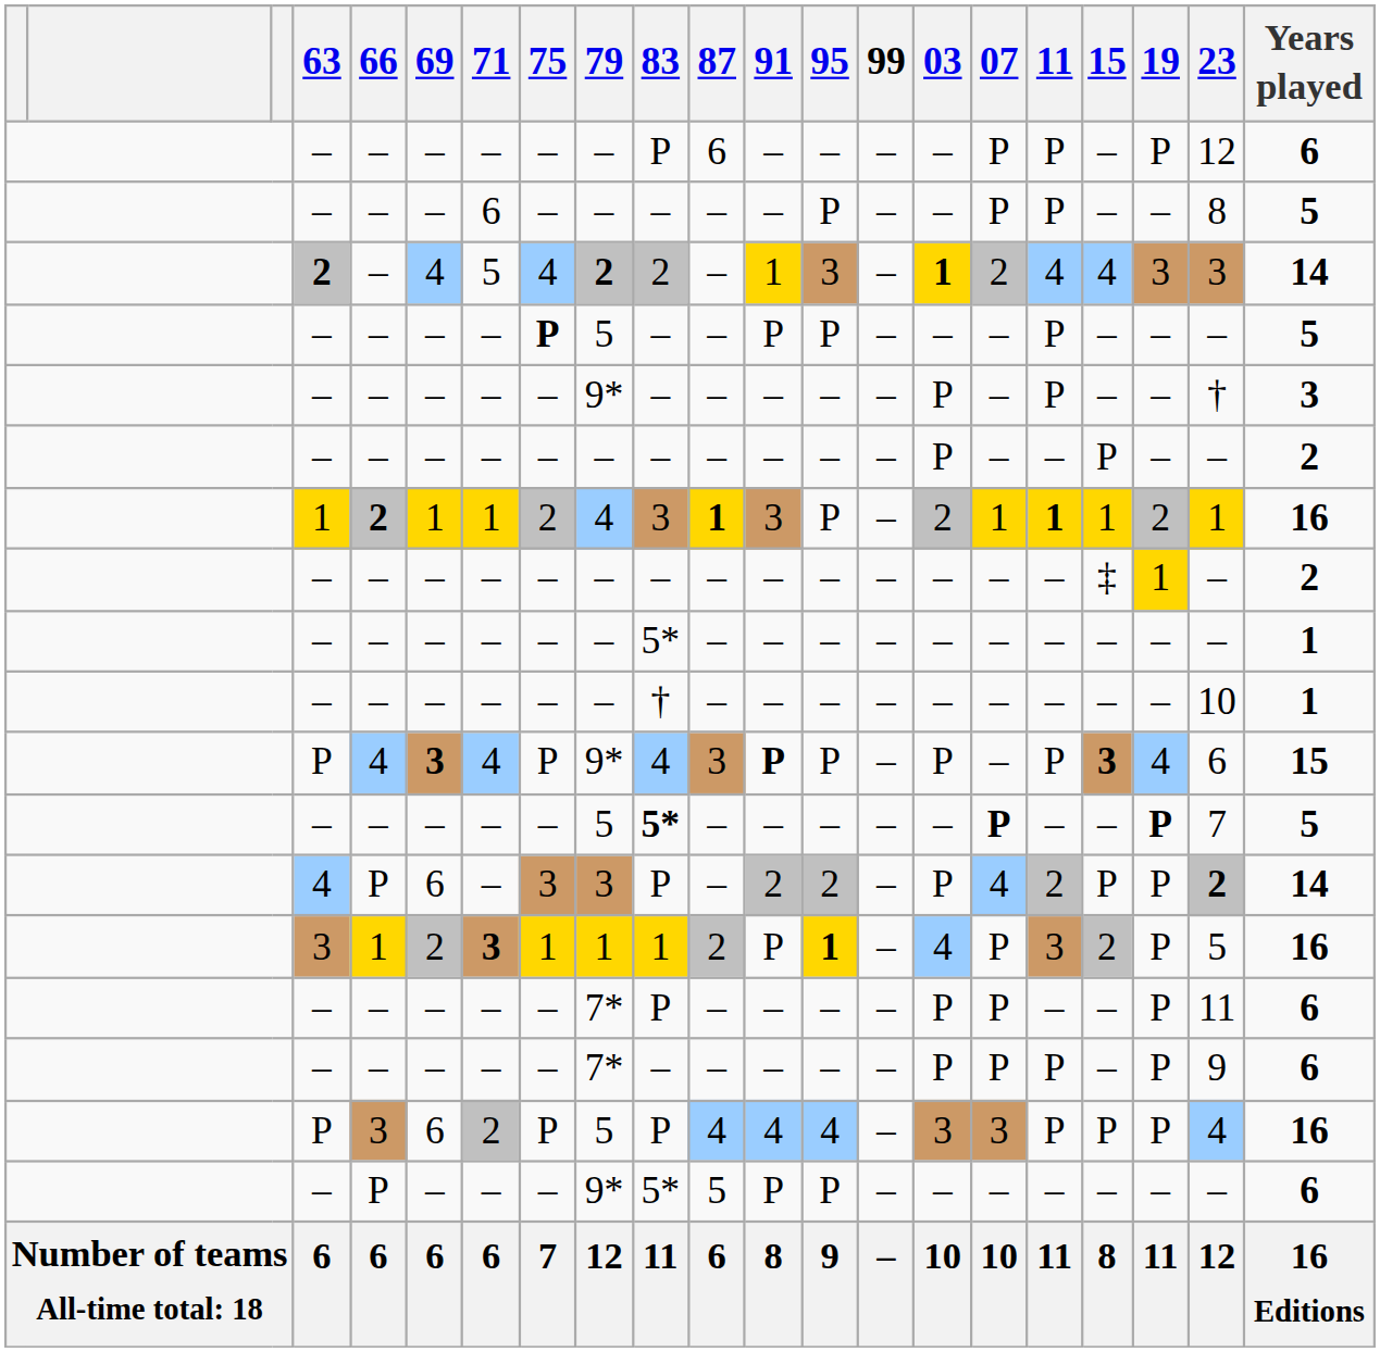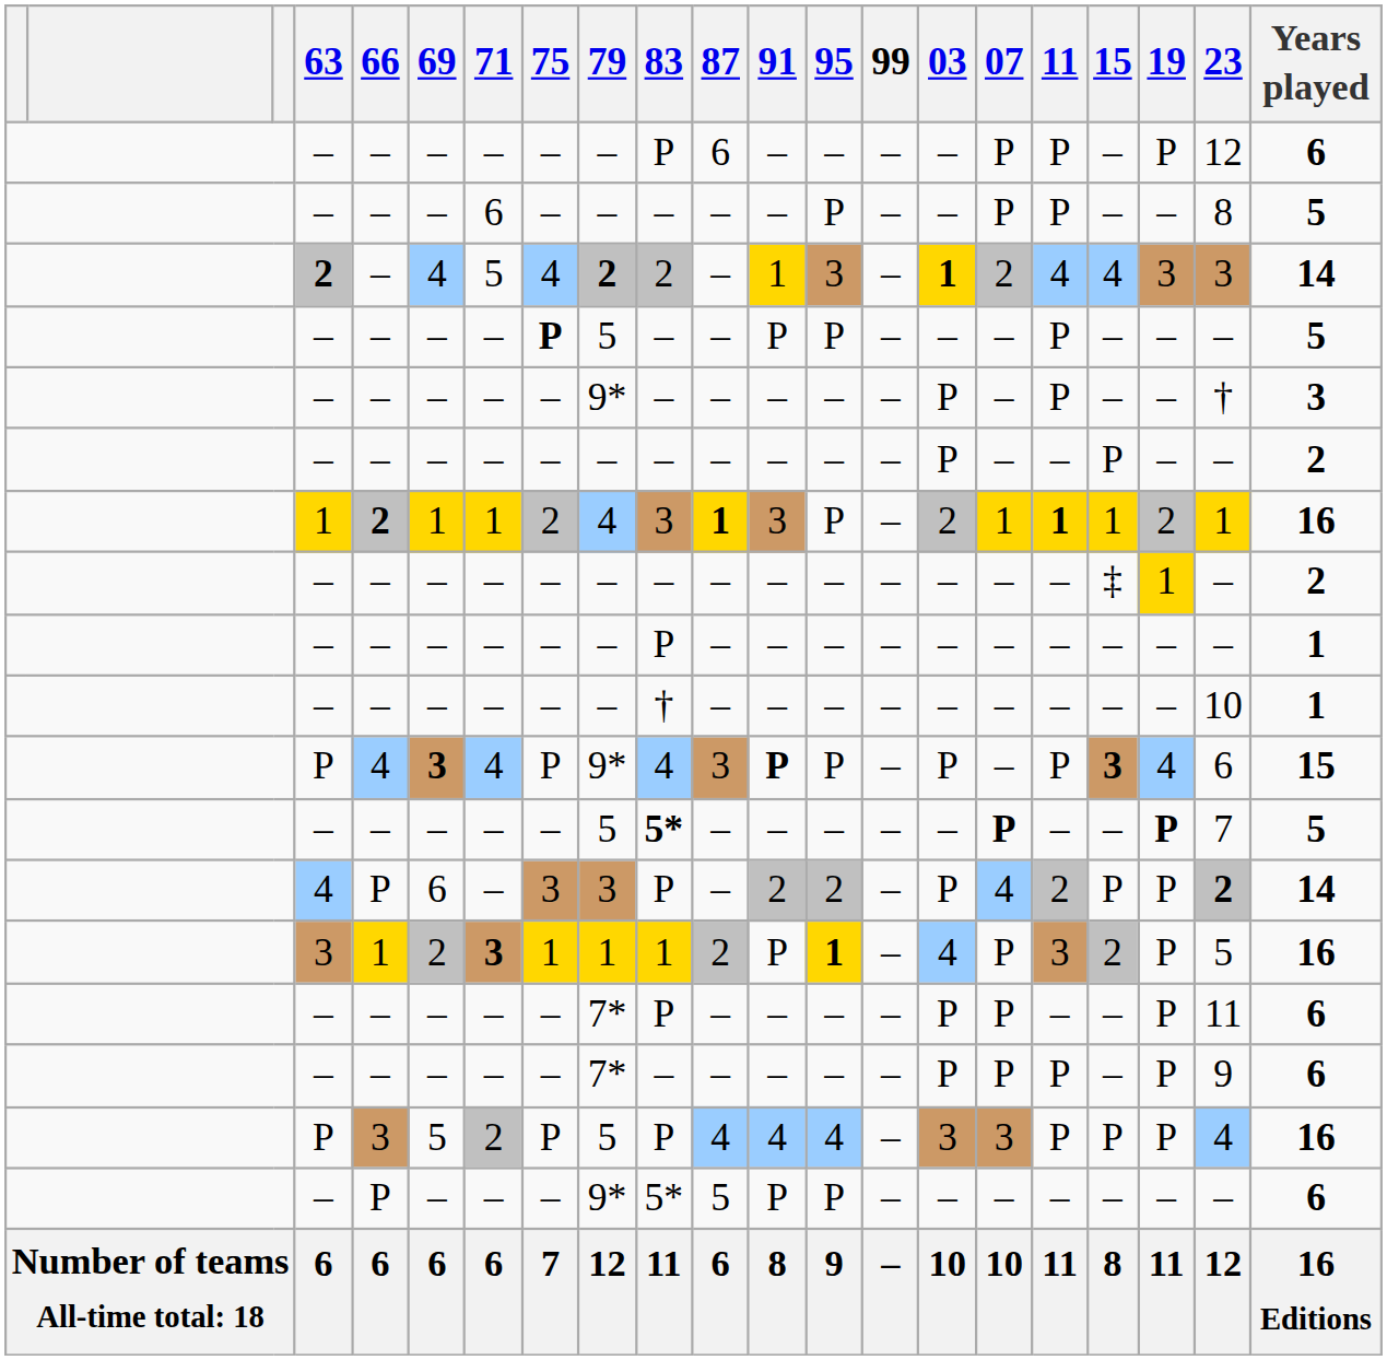 <table class="wikitable" style="text-align:center; margin-top:0.1em; margin-bottom:2.0em;">
 <tr>
 <th style="width:0.1em; border-right:1px transparent;"></th>
 <th></th>
 <th style="width:0.1em; border-left:1px transparent;"></th>
 <th><a href='#'>63</a></th>
 <th><a href='#'>66</a></th>
 <th><a href='#'>69</a></th>
 <th><a href='#'>71</a></th>
 <th><a href='#'>75</a></th>
 <th><a href='#'>79</a></th>
 <th><a href='#'>83</a></th>
 <th><a href='#'>87</a></th>
 <th><a href='#'>91</a></th>
 <th><a href='#'>95</a></th>
 <th> <span>99</span></th>
 <th><a href='#'>03</a></th>
 <th><a href='#'>07</a></th>
 <th><a href='#'>11</a></th>
 <th style="padding:2px;"><a href='#'>15</a></th>
 <th><a href='#'>19</a></th>
 <th><a href='#'>23</a></th>
 <th style="color:#333; font-size:97%; line-height:130%;"><span> Y</span>ears<br>p<span>l</span>ayed</th>
 </tr>
 <tr>
 <td colspan="3" style="text-align:left;"></td>
 <td>–</td>
 <td>–</td>
 <td>–</td>
 <td>–</td>
 <td>–</td>
 <td>–</td>
 <td>P</td>
 <td>6</td>
 <td>–</td>
 <td>–</td>
 <td>–</td>
 <td>–</td>
 <td>P</td>
 <td>P</td>
 <td>–</td>
 <td>P</td>
 <td>12</td>
 <td><strong>6</strong></td>
 </tr>
 <tr>
 <td colspan="3" style="text-align:left;"></td>
 <td>–</td>
 <td>–</td>
 <td>–</td>
 <td>6</td>
 <td>–</td>
 <td>–</td>
 <td>–</td>
 <td>–</td>
 <td>–</td>
 <td>P</td>
 <td>–</td>
 <td>–</td>
 <td>P</td>
 <td>P</td>
 <td>–</td>
 <td>–</td>
 <td>8</td>
 <td><strong>5</strong></td>
 </tr>
 <tr>
 <td colspan="3" style="text-align:left;"></td>
 <td style="background-color:#c0c0c0; font-weight:bold;">2</td>
 <td>–</td>
 <td style="background-color:#9acdff;">4</td>
 <td>5</td>
 <td style="background-color:#9acdff;">4</td>
 <td style="background-color:#c0c0c0; font-weight:bold;">2</td>
 <td style="background-color:#c0c0c0;">2</td>
 <td>–</td>
 <td style="background-color:#ffd700;">1</td>
 <td style="background-color:#cc9966;">3</td>
 <td>–</td>
 <td style="background-color:#ffd700; font-weight:bold;">1</td>
 <td style="background-color:#c0c0c0;">2</td>
 <td style="background-color:#9acdff;">4</td>
 <td style="background-color:#9acdff;">4</td>
 <td style="background-color:#cc9966;">3</td>
 <td style="background-color:#cc9966;">3</td>
 <td><strong>14</strong></td>
 </tr>
 <tr>
 <td colspan="3" style="text-align:left;"></td>
 <td>–</td>
 <td>–</td>
 <td>–</td>
 <td>–</td>
 <td><strong>P</strong></td>
 <td>5</td>
 <td>–</td>
 <td>–</td>
 <td>P</td>
 <td>P</td>
 <td>–</td>
 <td>–</td>
 <td>–</td>
 <td>P</td>
 <td>–</td>
 <td>–</td>
 <td>–</td>
 <td><strong>5</strong></td>
 </tr>
 <tr>
 <td colspan="3" style="text-align:left;"></td>
 <td>–</td>
 <td>–</td>
 <td>–</td>
 <td>–</td>
 <td>–</td>
 <td>9*</td>
 <td>–</td>
 <td>–</td>
 <td>–</td>
 <td>–</td>
 <td>–</td>
 <td>P</td>
 <td>–</td>
 <td>P</td>
 <td>–</td>
 <td>–</td>
 <td>†</td>
 <td><strong>3</strong></td>
 </tr>
 <tr>
 <td colspan="3" style="text-align:left;"></td>
 <td>–</td>
 <td>–</td>
 <td>–</td>
 <td>–</td>
 <td>–</td>
 <td>–</td>
 <td>–</td>
 <td>–</td>
 <td>–</td>
 <td>–</td>
 <td>–</td>
 <td>P</td>
 <td>–</td>
 <td>–</td>
 <td>P</td>
 <td>–</td>
 <td>–</td>
 <td><strong>2</strong></td>
 </tr>
 <tr>
 <td colspan="3" style="text-align:left;"></td>
 <td style="background-color:#ffd700;">1</td>
 <td style="background-color:#c0c0c0; font-weight:bold;">2</td>
 <td style="background-color:#ffd700;">1</td>
 <td style="background-color:#ffd700;">1</td>
 <td style="background-color:#c0c0c0;">2</td>
 <td style="background-color:#9acdff;">4</td>
 <td style="background-color:#cc9966;">3</td>
 <td style="background-color:#ffd700; font-weight:bold;">1</td>
 <td style="background-color:#cc9966;">3</td>
 <td>P</td>
 <td>–</td>
 <td style="background-color:#c0c0c0;">2</td>
 <td style="background-color:#ffd700;">1</td>
 <td style="background-color:#ffd700; font-weight:bold;">1</td>
 <td style="background-color:#ffd700;">1</td>
 <td style="background-color:#c0c0c0;">2</td>
 <td style="background-color:#ffd700;">1</td>
 <td><strong>16</strong></td>
 </tr>
 <tr>
 <td colspan="3" style="text-align:left;"></td>
 <td>–</td>
 <td>–</td>
 <td>–</td>
 <td>–</td>
 <td>–</td>
 <td>–</td>
 <td>–</td>
 <td>–</td>
 <td>–</td>
 <td>–</td>
 <td>–</td>
 <td>–</td>
 <td>–</td>
 <td>–</td>
 <td>‡</td>
 <td style="background-color:#ffd700;">1</td>
 <td>–</td>
 <td><strong>2</strong></td>
 </tr>
 <tr>
 <td colspan="3" style="text-align:left;"></td>
 <td>–</td>
 <td>–</td>
 <td>–</td>
 <td>–</td>
 <td>–</td>
 <td>–</td>
-<td>5*</td>
+<td>P</td>
 <td>–</td>
 <td>–</td>
 <td>–</td>
 <td>–</td>
 <td>–</td>
 <td>–</td>
 <td>–</td>
 <td>–</td>
 <td>–</td>
 <td>–</td>
 <td><strong>1</strong></td>
 </tr>
 <tr>
 <td colspan="3" style="text-align:left;"></td>
 <td>–</td>
 <td>–</td>
 <td>–</td>
 <td>–</td>
 <td>–</td>
 <td>–</td>
 <td>†</td>
 <td>–</td>
 <td>–</td>
 <td>–</td>
 <td>–</td>
 <td>–</td>
 <td>–</td>
 <td>–</td>
 <td>–</td>
 <td>–</td>
 <td>10</td>
 <td><strong>1</strong></td>
 </tr>
 <tr>
 <td colspan="3" style="text-align:left;"></td>
 <td>P</td>
 <td style="background-color:#9acdff;">4</td>
 <td style="background-color:#cc9966; font-weight:bold;">3</td>
 <td style="background-color:#9acdff;">4</td>
 <td>P</td>
 <td>9*</td>
 <td style="background-color:#9acdff;">4</td>
 <td style="background-color:#cc9966;">3</td>
 <td><strong>P</strong></td>
 <td>P</td>
 <td>–</td>
 <td>P</td>
 <td>–</td>
 <td>P</td>
 <td style="background-color:#cc9966; font-weight:bold;">3</td>
 <td style="background-color:#9acdff;">4</td>
 <td>6</td>
 <td><strong>15</strong></td>
 </tr>
 <tr>
 <td colspan="3" style="text-align:left;"></td>
 <td>–</td>
 <td>–</td>
 <td>–</td>
 <td>–</td>
 <td>–</td>
 <td>5</td>
 <td><strong>5*</strong></td>
 <td>–</td>
 <td>–</td>
 <td>–</td>
 <td>–</td>
 <td>–</td>
 <td><strong>P</strong></td>
 <td>–</td>
 <td>–</td>
 <td><strong>P</strong></td>
 <td>7</td>
 <td><strong>5</strong></td>
 </tr>
 <tr>
 <td colspan="3" style="text-align:left;"></td>
 <td style="background-color:#9acdff;">4</td>
 <td>P</td>
 <td>6</td>
 <td>–</td>
 <td style="background-color:#cc9966;">3</td>
 <td style="background-color:#cc9966;">3</td>
 <td>P</td>
 <td>–</td>
 <td style="background-color:#c0c0c0;">2</td>
 <td style="background-color:#c0c0c0;">2</td>
 <td>–</td>
 <td>P</td>
 <td style="background-color:#9acdff;">4</td>
 <td style="background-color:#c0c0c0;">2</td>
 <td>P</td>
 <td>P</td>
 <td style="background-color:#c0c0c0; font-weight:bold;">2</td>
 <td><strong>14</strong></td>
 </tr>
 <tr>
 <td colspan="3" style="text-align:left;"></td>
 <td style="background-color:#cc9966;">3</td>
 <td style="background-color:#ffd700;">1</td>
 <td style="background-color:#c0c0c0;">2</td>
 <td style="background-color:#cc9966; font-weight:bold;">3</td>
 <td style="background-color:#ffd700;">1</td>
 <td style="background-color:#ffd700;">1</td>
 <td style="background-color:#ffd700;">1</td>
 <td style="background-color:#c0c0c0;">2</td>
 <td>P</td>
 <td style="background-color:#ffd700; font-weight:bold;">1</td>
 <td>–</td>
 <td style="background-color:#9acdff;">4</td>
 <td>P</td>
 <td style="background-color:#cc9966;">3</td>
 <td style="background-color:#c0c0c0;">2</td>
 <td>P</td>
 <td>5</td>
 <td><strong>16</strong></td>
 </tr>
 <tr>
 <td colspan="3" style="text-align:left;"></td>
 <td>–</td>
 <td>–</td>
 <td>–</td>
 <td>–</td>
 <td>–</td>
 <td>7*</td>
 <td>P</td>
 <td>–</td>
 <td>–</td>
 <td>–</td>
 <td>–</td>
 <td>P</td>
 <td>P</td>
 <td>–</td>
 <td>–</td>
 <td>P</td>
 <td>11</td>
 <td><strong>6</strong></td>
 </tr>
 <tr>
 <td colspan="3" style="text-align:left;"></td>
 <td>–</td>
 <td>–</td>
 <td>–</td>
 <td>–</td>
 <td>–</td>
 <td>7*</td>
 <td>–</td>
 <td>–</td>
 <td>–</td>
 <td>–</td>
 <td>–</td>
 <td>P</td>
 <td>P</td>
 <td>P</td>
 <td>–</td>
 <td>P</td>
 <td>9</td>
 <td><strong>6</strong></td>
 </tr>
 <tr>
 <td colspan="3" style="text-align:left;"></td>
 <td>P</td>
 <td style="background-color:#cc9966;">3</td>
-<td>6</td>
+<td>5</td>
 <td style="background-color:#c0c0c0;">2</td>
 <td>P</td>
 <td>5</td>
 <td>P</td>
 <td style="background-color:#9acdff;">4</td>
 <td style="background-color:#9acdff;">4</td>
 <td style="background-color:#9acdff;">4</td>
 <td>–</td>
 <td style="background-color:#cc9966;">3</td>
 <td style="background-color:#cc9966;">3</td>
 <td>P</td>
 <td>P</td>
 <td>P</td>
 <td style="background-color:#9acdff;">4</td>
 <td><strong>16</strong></td>
 </tr>
 <tr>
 <td colspan="3" style="text-align:left;"></td>
 <td>–</td>
 <td>P</td>
 <td>–</td>
 <td>–</td>
 <td>–</td>
 <td>9*</td>
 <td>5*</td>
 <td>5</td>
 <td>P</td>
 <td>P</td>
 <td>–</td>
 <td>–</td>
 <td>–</td>
 <td>–</td>
 <td>–</td>
 <td>–</td>
 <td>–</td>
 <td><strong>6</strong></td>
 </tr>
 <tr style="vertical-align:top; font-weight:600; font-size:97%; line-height:140%;">
 <th colspan="3" style="padding:2px;">Number of teams<br><span><small>All-time total: 18</small></span></th>
 <th>6</th>
 <th>6</th>
 <th>6</th>
 <th>6</th>
 <th>7</th>
 <th>12</th>
 <th>11</th>
 <th>6</th>
 <th>8</th>
 <th>9</th>
 <th>–</th>
 <th>10</th>
 <th>10</th>
 <th>11</th>
 <th>8</th>
 <th>11</th>
 <th>12</th>
 <th>16<br><span><small>Editions</small></span></th>
 </tr>
 </table>
